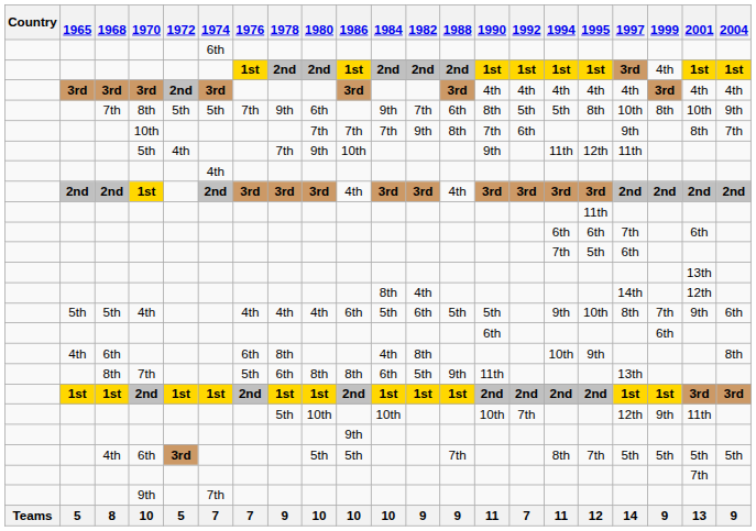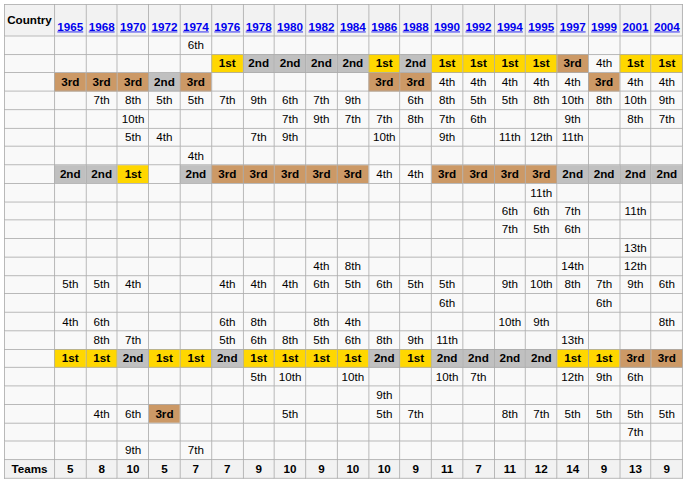 <table class="wikitable" style="text-align:center; font-size:90%">
 <tr>
 <th width=170>Country</th>
 <th><br><a href='#'>1965</a></th>
 <th><br><a href='#'>1968</a></th>
 <th><br><a href='#'>1970</a></th>
 <th><br><a href='#'>1972</a></th>
 <th><br><a href='#'>1974</a></th>
 <th><br><a href='#'>1976</a></th>
 <th><br><a href='#'>1978</a></th>
 <th><br><a href='#'>1980</a></th>
+<th><br><a href='#'>1982</a></th>
+<th><br><a href='#'>1984</a></th>
 <th><br><a href='#'>1986</a></th>
-<th><br><a href='#'>1984</a></th>
-<th><br><a href='#'>1982</a></th>
 <th><br><a href='#'>1988</a></th>
 <th><br><a href='#'>1990</a></th>
 <th><br><a href='#'>1992</a></th>
 <th><br><a href='#'>1994</a></th>
 <th><br><a href='#'>1995</a></th>
 <th><br><a href='#'>1997</a></th>
 <th><br><a href='#'>1999</a></th>
 <th><br><a href='#'>2001</a></th>
 <th><br><a href='#'>2004</a></th>
 </tr>
 <tr>
 <td align=left></td>
 <td></td>
 <td></td>
 <td></td>
 <td></td>
 <td>6th</td>
 <td></td>
 <td></td>
 <td></td>
 <td></td>
 <td></td>
 <td></td>
 <td></td>
 <td></td>
 <td></td>
 <td></td>
 <td></td>
 <td></td>
 <td></td>
 <td></td>
 <td></td>
 </tr>
 <tr>
 <td align=left></td>
 <td></td>
 <td></td>
 <td></td>
 <td></td>
 <td></td>
 <td bgcolor=gold><strong>1st</strong></td>
 <td bgcolor=silver><strong>2nd</strong></td>
 <td bgcolor=silver><strong>2nd</strong></td>
-<td bgcolor=gold><strong>1st</strong></td>
 <td bgcolor=silver><strong>2nd</strong></td>
 <td bgcolor=silver><strong>2nd</strong></td>
+<td bgcolor=gold><strong>1st</strong></td>
 <td bgcolor=silver><strong>2nd</strong></td>
 <td bgcolor=gold><strong>1st</strong></td>
 <td bgcolor=gold><strong>1st</strong></td>
 <td bgcolor=gold><strong>1st</strong></td>
 <td bgcolor=gold><strong>1st</strong></td>
 <td bgcolor=#cc9966><strong>3rd</strong></td>
 <td>4th</td>
 <td bgcolor=gold><strong>1st</strong></td>
 <td bgcolor=gold><strong>1st</strong></td>
 </tr>
 <tr>
 <td align=left></td>
 <td bgcolor=#cc9966><strong>3rd</strong></td>
 <td bgcolor=#cc9966><strong>3rd</strong></td>
 <td bgcolor=#cc9966><strong>3rd</strong></td>
 <td bgcolor=silver><strong>2nd</strong></td>
 <td bgcolor=#cc9966><strong>3rd</strong></td>
 <td></td>
 <td></td>
 <td></td>
-<td bgcolor=#cc9966><strong>3rd</strong></td>
 <td></td>
 <td></td>
+<td bgcolor=#cc9966><strong>3rd</strong></td>
 <td bgcolor=#cc9966><strong>3rd</strong></td>
 <td>4th</td>
 <td>4th</td>
 <td>4th</td>
 <td>4th</td>
 <td>4th</td>
 <td bgcolor=#cc9966><strong>3rd</strong></td>
 <td>4th</td>
 <td>4th</td>
 </tr>
 <tr>
 <td align=left></td>
 <td></td>
 <td>7th</td>
 <td>8th</td>
 <td>5th</td>
 <td>5th</td>
 <td>7th</td>
 <td>9th</td>
 <td>6th</td>
+<td>7th</td>
+<td>9th</td>
 <td></td>
-<td>9th</td>
-<td>7th</td>
 <td>6th</td>
 <td>8th</td>
 <td>5th</td>
 <td>5th</td>
 <td>8th</td>
 <td>10th</td>
 <td>8th</td>
 <td>10th</td>
 <td>9th</td>
 </tr>
 <tr>
 <td align=left></td>
 <td></td>
 <td></td>
 <td>10th</td>
 <td></td>
 <td></td>
 <td></td>
 <td></td>
 <td>7th</td>
+<td>9th</td>
 <td>7th</td>
 <td>7th</td>
-<td>9th</td>
 <td>8th</td>
 <td>7th</td>
 <td>6th</td>
 <td></td>
 <td></td>
 <td>9th</td>
 <td></td>
 <td>8th</td>
 <td>7th</td>
 </tr>
 <tr>
 <td align=left></td>
 <td></td>
 <td></td>
 <td>5th</td>
 <td>4th</td>
 <td></td>
 <td></td>
 <td>7th</td>
 <td>9th</td>
-<td>10th</td>
 <td></td>
 <td></td>
+<td>10th</td>
 <td></td>
 <td>9th</td>
 <td></td>
 <td>11th</td>
 <td>12th</td>
 <td>11th</td>
 <td></td>
 <td></td>
 <td></td>
 </tr>
 <tr>
 <td align=left></td>
 <td></td>
 <td></td>
 <td></td>
 <td></td>
 <td>4th</td>
 <td></td>
 <td></td>
 <td></td>
 <td></td>
 <td></td>
 <td></td>
 <td></td>
 <td></td>
 <td></td>
 <td></td>
 <td></td>
 <td></td>
 <td></td>
 <td></td>
 <td></td>
 </tr>
 <tr>
 <td align=left></td>
 <td bgcolor=silver><strong>2nd</strong></td>
 <td bgcolor=silver><strong>2nd</strong></td>
 <td bgcolor=gold><strong>1st</strong></td>
 <td></td>
 <td bgcolor=silver><strong>2nd</strong></td>
 <td bgcolor=#cc9966><strong>3rd</strong></td>
 <td bgcolor=#cc9966><strong>3rd</strong></td>
 <td bgcolor=#cc9966><strong>3rd</strong></td>
-<td>4th</td>
 <td bgcolor=#cc9966><strong>3rd</strong></td>
 <td bgcolor=#cc9966><strong>3rd</strong></td>
+<td>4th</td>
 <td>4th</td>
 <td bgcolor=#cc9966><strong>3rd</strong></td>
 <td bgcolor=#cc9966><strong>3rd</strong></td>
 <td bgcolor=#cc9966><strong>3rd</strong></td>
 <td bgcolor=#cc9966><strong>3rd</strong></td>
 <td bgcolor=silver><strong>2nd</strong></td>
 <td bgcolor=silver><strong>2nd</strong></td>
 <td bgcolor=silver><strong>2nd</strong></td>
 <td bgcolor=silver><strong>2nd</strong></td>
 </tr>
 <tr>
 <td align=left></td>
 <td></td>
 <td></td>
 <td></td>
 <td></td>
 <td></td>
 <td></td>
 <td></td>
 <td></td>
 <td></td>
 <td></td>
 <td></td>
 <td></td>
 <td></td>
 <td></td>
 <td></td>
 <td>11th</td>
 <td></td>
 <td></td>
 <td></td>
 <td></td>
 </tr>
 <tr>
 <td align=left></td>
 <td></td>
 <td></td>
 <td></td>
 <td></td>
 <td></td>
 <td></td>
 <td></td>
 <td></td>
 <td></td>
 <td></td>
 <td></td>
 <td></td>
 <td></td>
 <td></td>
 <td>6th</td>
 <td>6th</td>
 <td>7th</td>
 <td></td>
-<td>6th</td>
+<td>11th</td>
 <td></td>
 </tr>
 <tr>
 <td align=left></td>
 <td></td>
 <td></td>
 <td></td>
 <td></td>
 <td></td>
 <td></td>
 <td></td>
 <td></td>
 <td></td>
 <td></td>
 <td></td>
 <td></td>
 <td></td>
 <td></td>
 <td>7th</td>
 <td>5th</td>
 <td>6th</td>
 <td></td>
 <td></td>
 <td></td>
 </tr>
 <tr>
 <td align=left></td>
 <td></td>
 <td></td>
 <td></td>
 <td></td>
 <td></td>
 <td></td>
 <td></td>
 <td></td>
 <td></td>
 <td></td>
 <td></td>
 <td></td>
 <td></td>
 <td></td>
 <td></td>
 <td></td>
 <td></td>
 <td></td>
 <td>13th</td>
 <td></td>
 </tr>
 <tr>
 <td align=left></td>
 <td></td>
 <td></td>
 <td></td>
 <td></td>
 <td></td>
 <td></td>
 <td></td>
 <td></td>
+<td>4th</td>
+<td>8th</td>
 <td></td>
-<td>8th</td>
-<td>4th</td>
 <td></td>
 <td></td>
 <td></td>
 <td></td>
 <td></td>
 <td>14th</td>
 <td></td>
 <td>12th</td>
 <td></td>
 </tr>
 <tr>
 <td align=left></td>
 <td>5th</td>
 <td>5th</td>
 <td>4th</td>
 <td></td>
 <td></td>
 <td>4th</td>
 <td>4th</td>
 <td>4th</td>
 <td>6th</td>
 <td>5th</td>
 <td>6th</td>
 <td>5th</td>
 <td>5th</td>
 <td></td>
 <td>9th</td>
 <td>10th</td>
 <td>8th</td>
 <td>7th</td>
 <td>9th</td>
 <td>6th</td>
 </tr>
 <tr>
 <td align=left></td>
 <td></td>
 <td></td>
 <td></td>
 <td></td>
 <td></td>
 <td></td>
 <td></td>
 <td></td>
 <td></td>
 <td></td>
 <td></td>
 <td></td>
 <td>6th</td>
 <td></td>
 <td></td>
 <td></td>
 <td></td>
 <td>6th</td>
 <td></td>
 <td></td>
 </tr>
 <tr>
 <td align=left></td>
 <td>4th</td>
 <td>6th</td>
 <td></td>
 <td></td>
 <td></td>
 <td>6th</td>
 <td>8th</td>
 <td></td>
+<td>8th</td>
+<td>4th</td>
 <td></td>
-<td>4th</td>
-<td>8th</td>
 <td></td>
 <td></td>
 <td></td>
 <td>10th</td>
 <td>9th</td>
 <td></td>
 <td></td>
 <td></td>
 <td>8th</td>
 </tr>
 <tr>
 <td align=left></td>
 <td></td>
 <td>8th</td>
 <td>7th</td>
 <td></td>
 <td></td>
 <td>5th</td>
 <td>6th</td>
 <td>8th</td>
+<td>5th</td>
+<td>6th</td>
 <td>8th</td>
-<td>6th</td>
-<td>5th</td>
 <td>9th</td>
 <td>11th</td>
 <td></td>
 <td></td>
 <td></td>
 <td>13th</td>
 <td></td>
 <td></td>
 <td></td>
 </tr>
 <tr>
 <td align=left></td>
 <td bgcolor=gold><strong>1st</strong></td>
 <td bgcolor=gold><strong>1st</strong></td>
 <td bgcolor=silver><strong>2nd</strong></td>
 <td bgcolor=gold><strong>1st</strong></td>
 <td bgcolor=gold><strong>1st</strong></td>
 <td bgcolor=silver><strong>2nd</strong></td>
 <td bgcolor=gold><strong>1st</strong></td>
 <td bgcolor=gold><strong>1st</strong></td>
-<td bgcolor=silver><strong>2nd</strong></td>
 <td bgcolor=gold><strong>1st</strong></td>
 <td bgcolor=gold><strong>1st</strong></td>
+<td bgcolor=silver><strong>2nd</strong></td>
 <td bgcolor=gold><strong>1st</strong></td>
 <td bgcolor=silver><strong>2nd</strong></td>
 <td bgcolor=silver><strong>2nd</strong></td>
 <td bgcolor=silver><strong>2nd</strong></td>
 <td bgcolor=silver><strong>2nd</strong></td>
 <td bgcolor=gold><strong>1st</strong></td>
 <td bgcolor=gold><strong>1st</strong></td>
 <td bgcolor=#cc9966><strong>3rd</strong></td>
 <td bgcolor=#cc9966><strong>3rd</strong></td>
 </tr>
 <tr>
 <td align=left></td>
 <td></td>
 <td></td>
 <td></td>
 <td></td>
 <td></td>
 <td></td>
 <td>5th</td>
 <td>10th</td>
 <td></td>
 <td>10th</td>
 <td></td>
 <td></td>
 <td>10th</td>
 <td>7th</td>
 <td></td>
 <td></td>
 <td>12th</td>
 <td>9th</td>
-<td>11th</td>
+<td>6th</td>
 <td></td>
 </tr>
 <tr>
 <td align=left></td>
 <td></td>
 <td></td>
 <td></td>
 <td></td>
 <td></td>
 <td></td>
 <td></td>
 <td></td>
-<td>9th</td>
 <td></td>
 <td></td>
+<td>9th</td>
 <td></td>
 <td></td>
 <td></td>
 <td></td>
 <td></td>
 <td></td>
 <td></td>
 <td></td>
 <td></td>
 </tr>
 <tr>
 <td align=left></td>
 <td></td>
 <td>4th</td>
 <td>6th</td>
 <td bgcolor=#cc9966><strong>3rd</strong></td>
 <td></td>
 <td></td>
 <td></td>
 <td>5th</td>
-<td>5th</td>
 <td></td>
 <td></td>
+<td>5th</td>
 <td>7th</td>
 <td></td>
 <td></td>
 <td>8th</td>
 <td>7th</td>
 <td>5th</td>
 <td>5th</td>
 <td>5th</td>
 <td>5th</td>
 </tr>
 <tr>
 <td align=left></td>
 <td></td>
 <td></td>
 <td></td>
 <td></td>
 <td></td>
 <td></td>
 <td></td>
 <td></td>
 <td></td>
 <td></td>
 <td></td>
 <td></td>
 <td></td>
 <td></td>
 <td></td>
 <td></td>
 <td></td>
 <td></td>
 <td>7th</td>
 <td></td>
 </tr>
 <tr>
 <td align=left></td>
 <td></td>
 <td></td>
 <td>9th</td>
 <td></td>
 <td>7th</td>
 <td></td>
 <td></td>
 <td></td>
 <td></td>
 <td></td>
 <td></td>
 <td></td>
 <td></td>
 <td></td>
 <td></td>
 <td></td>
 <td></td>
 <td></td>
 <td></td>
 <td></td>
 </tr>
 <tr>
 <th>Teams</th>
 <th>5</th>
 <th>8</th>
 <th>10</th>
 <th>5</th>
 <th>7</th>
 <th>7</th>
 <th>9</th>
 <th>10</th>
+<th>9</th>
 <th>10</th>
 <th>10</th>
-<th>9</th>
 <th>9</th>
 <th>11</th>
 <th>7</th>
 <th>11</th>
 <th>12</th>
 <th>14</th>
 <th>9</th>
 <th>13</th>
 <th>9</th>
 </tr>
 </table>
